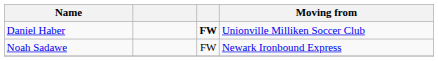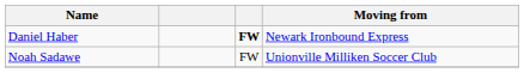 <table class="wikitable" style="text-align: center; width:50%">
 <tr>
 <th width=30% align="center">Name</th>
 <th width=15% align="center"></th>
 <th width=5% align="center"></th>
 <th width=50% align="center">Moving from</th>
 </tr>
 <tr>
 <td align=left><a href='#'>Daniel Haber</a></td>
 <td></td>
 <td><strong>FW</strong></td>
-<td align=left>  <a href='#'>Unionville Milliken Soccer Club</a></td>
+<td align=left>  <a href='#'>Newark Ironbound Express</a></td>
 </tr>
 <tr>
 <td align=left><a href='#'>Noah Sadawe</a></td>
 <td> </td>
 <td>FW</td>
-<td align=left>  <a href='#'>Newark Ironbound Express</a></td>
+<td align=left>  <a href='#'>Unionville Milliken Soccer Club</a></td>
 </tr>
 <tr>
 </tr>
 </table>
